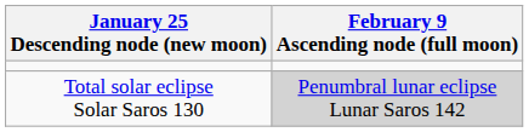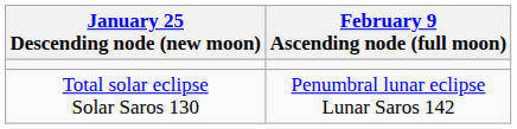 <table class="wikitable">
 <tr>
 <th><a href='#'>January 25</a><br>Descending node (new moon)</th>
 <th><a href='#'>February 9</a><br>Ascending node (full moon)</th>
 </tr>
 <tr>
 <td></td>
 <td></td>
 </tr>
 <tr align=center>
 <td><a href='#'>Total solar eclipse</a><br>Solar Saros 130</td>
-<td style="background: lightgrey;"><a href='#'>Penumbral lunar eclipse</a><br>Lunar Saros 142</td>
+<td><a href='#'>Penumbral lunar eclipse</a><br>Lunar Saros 142</td>
 </tr>
 </table>
